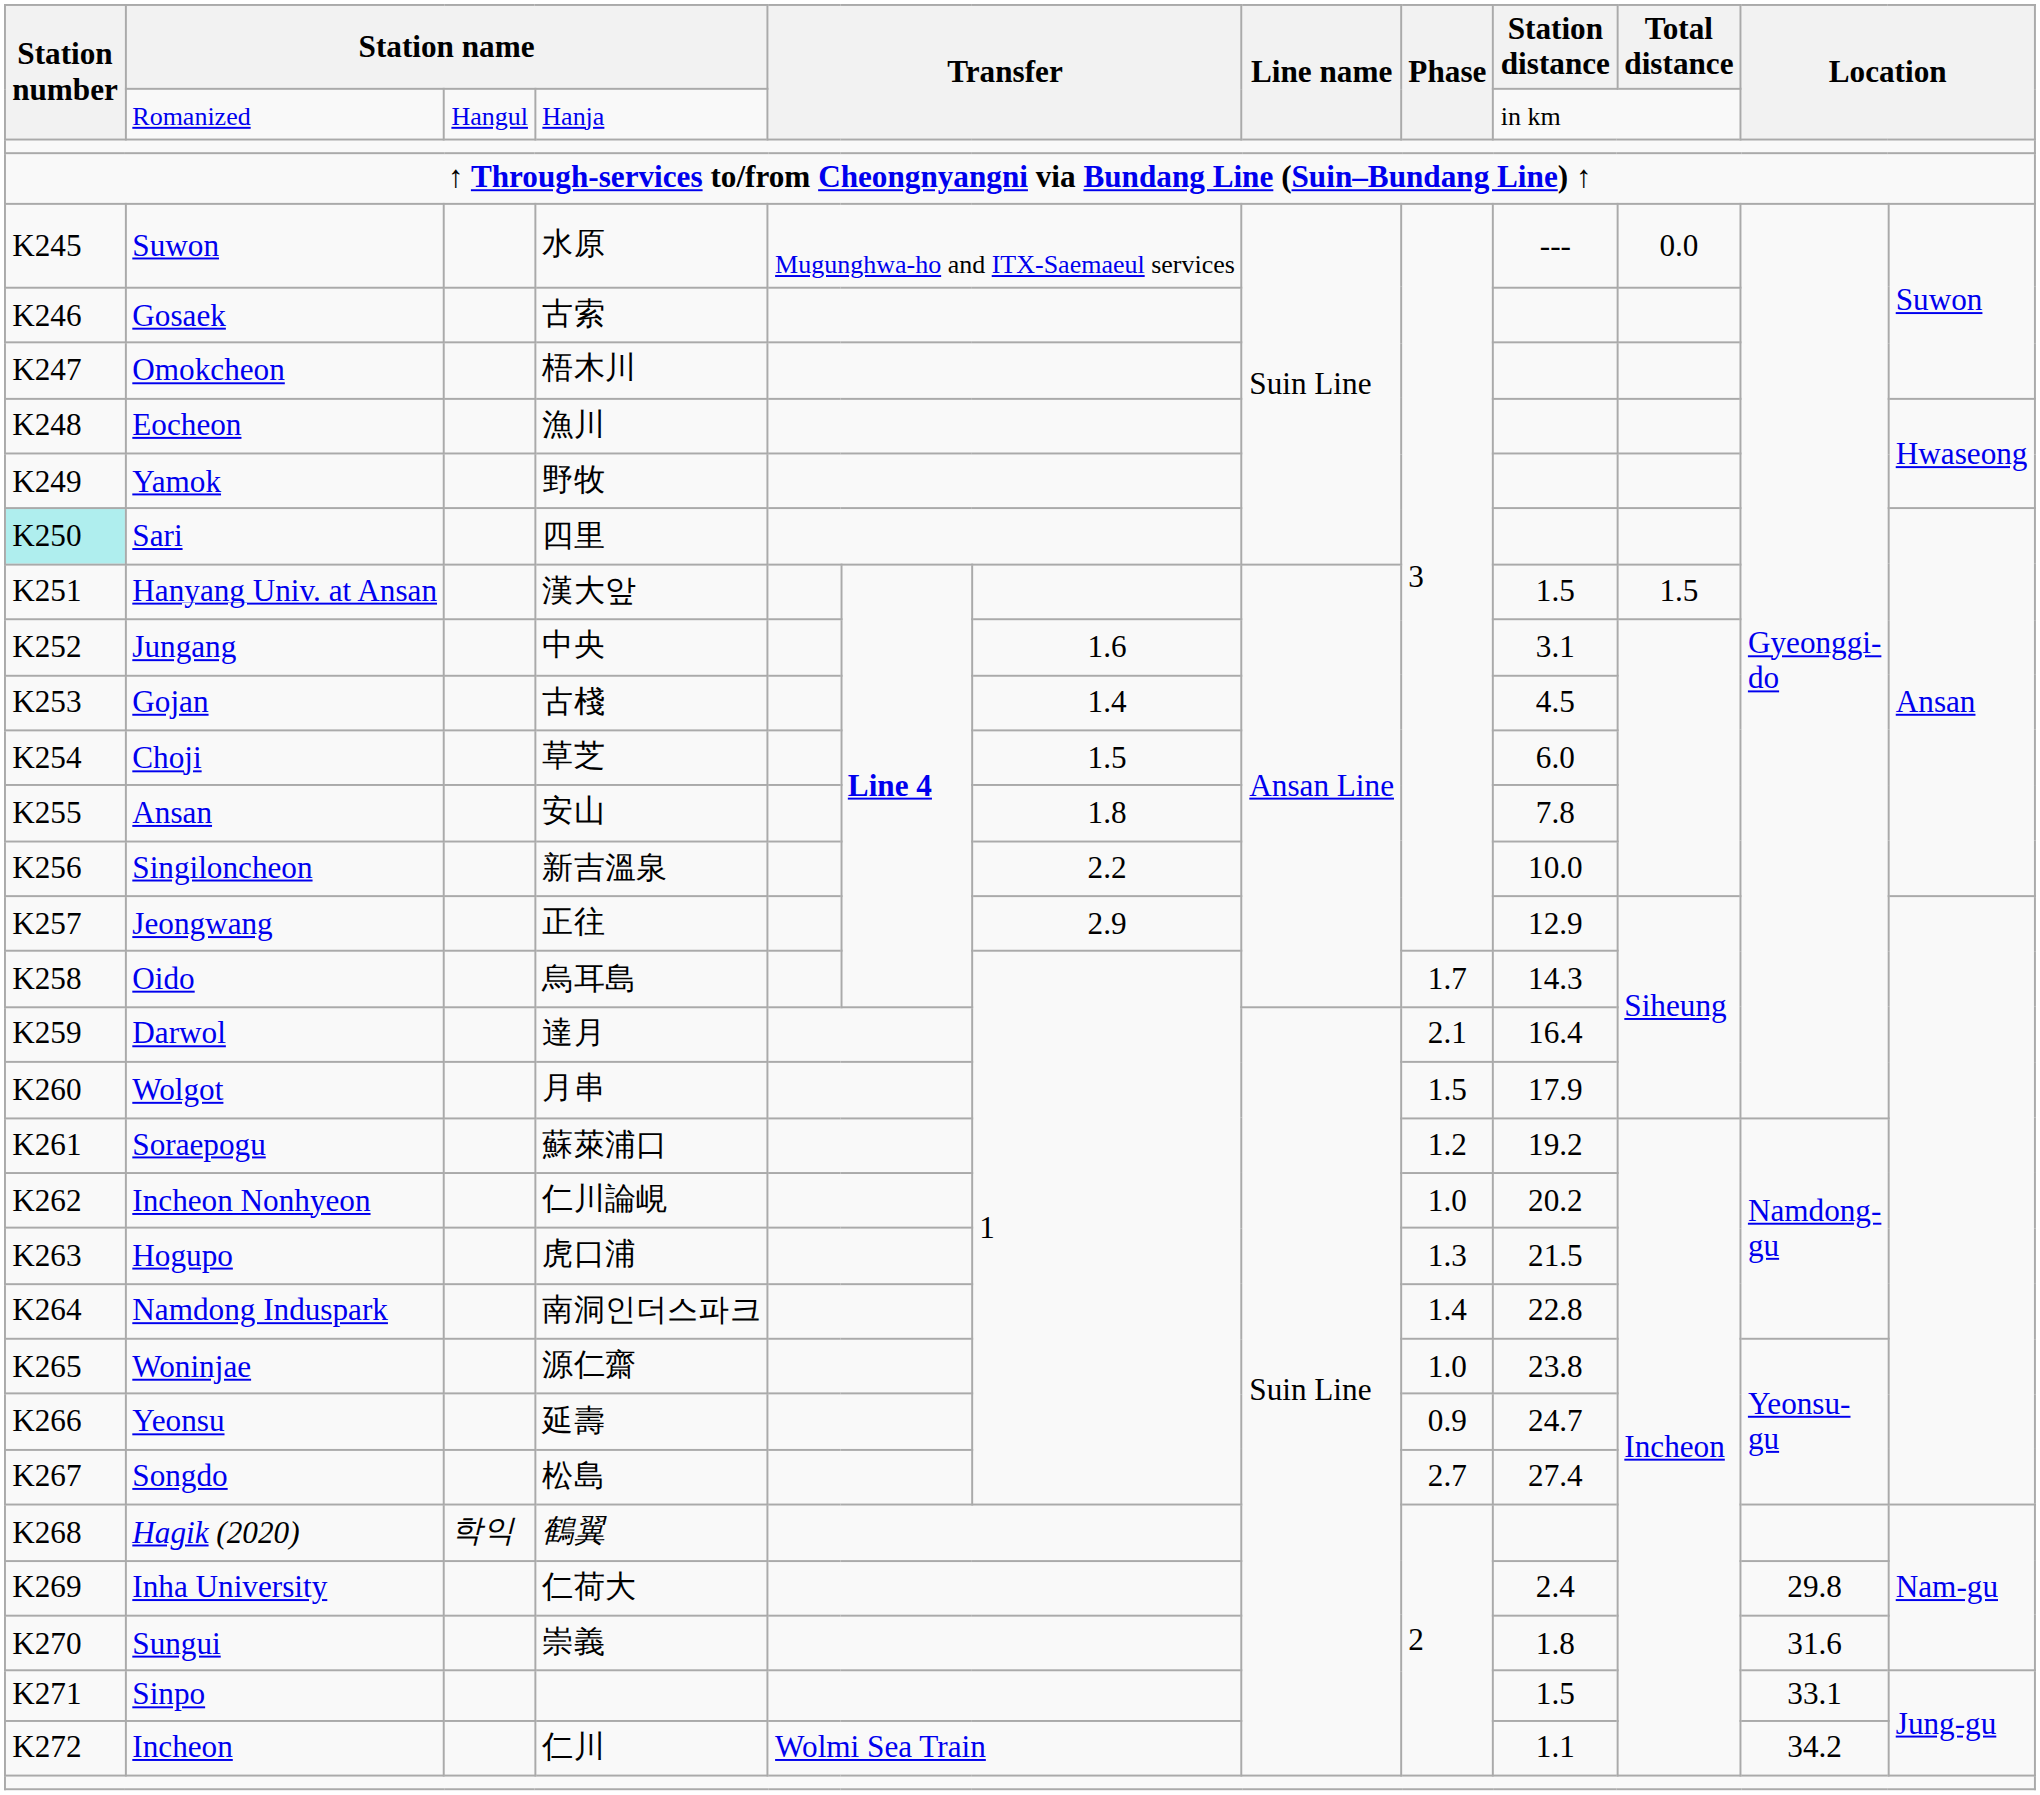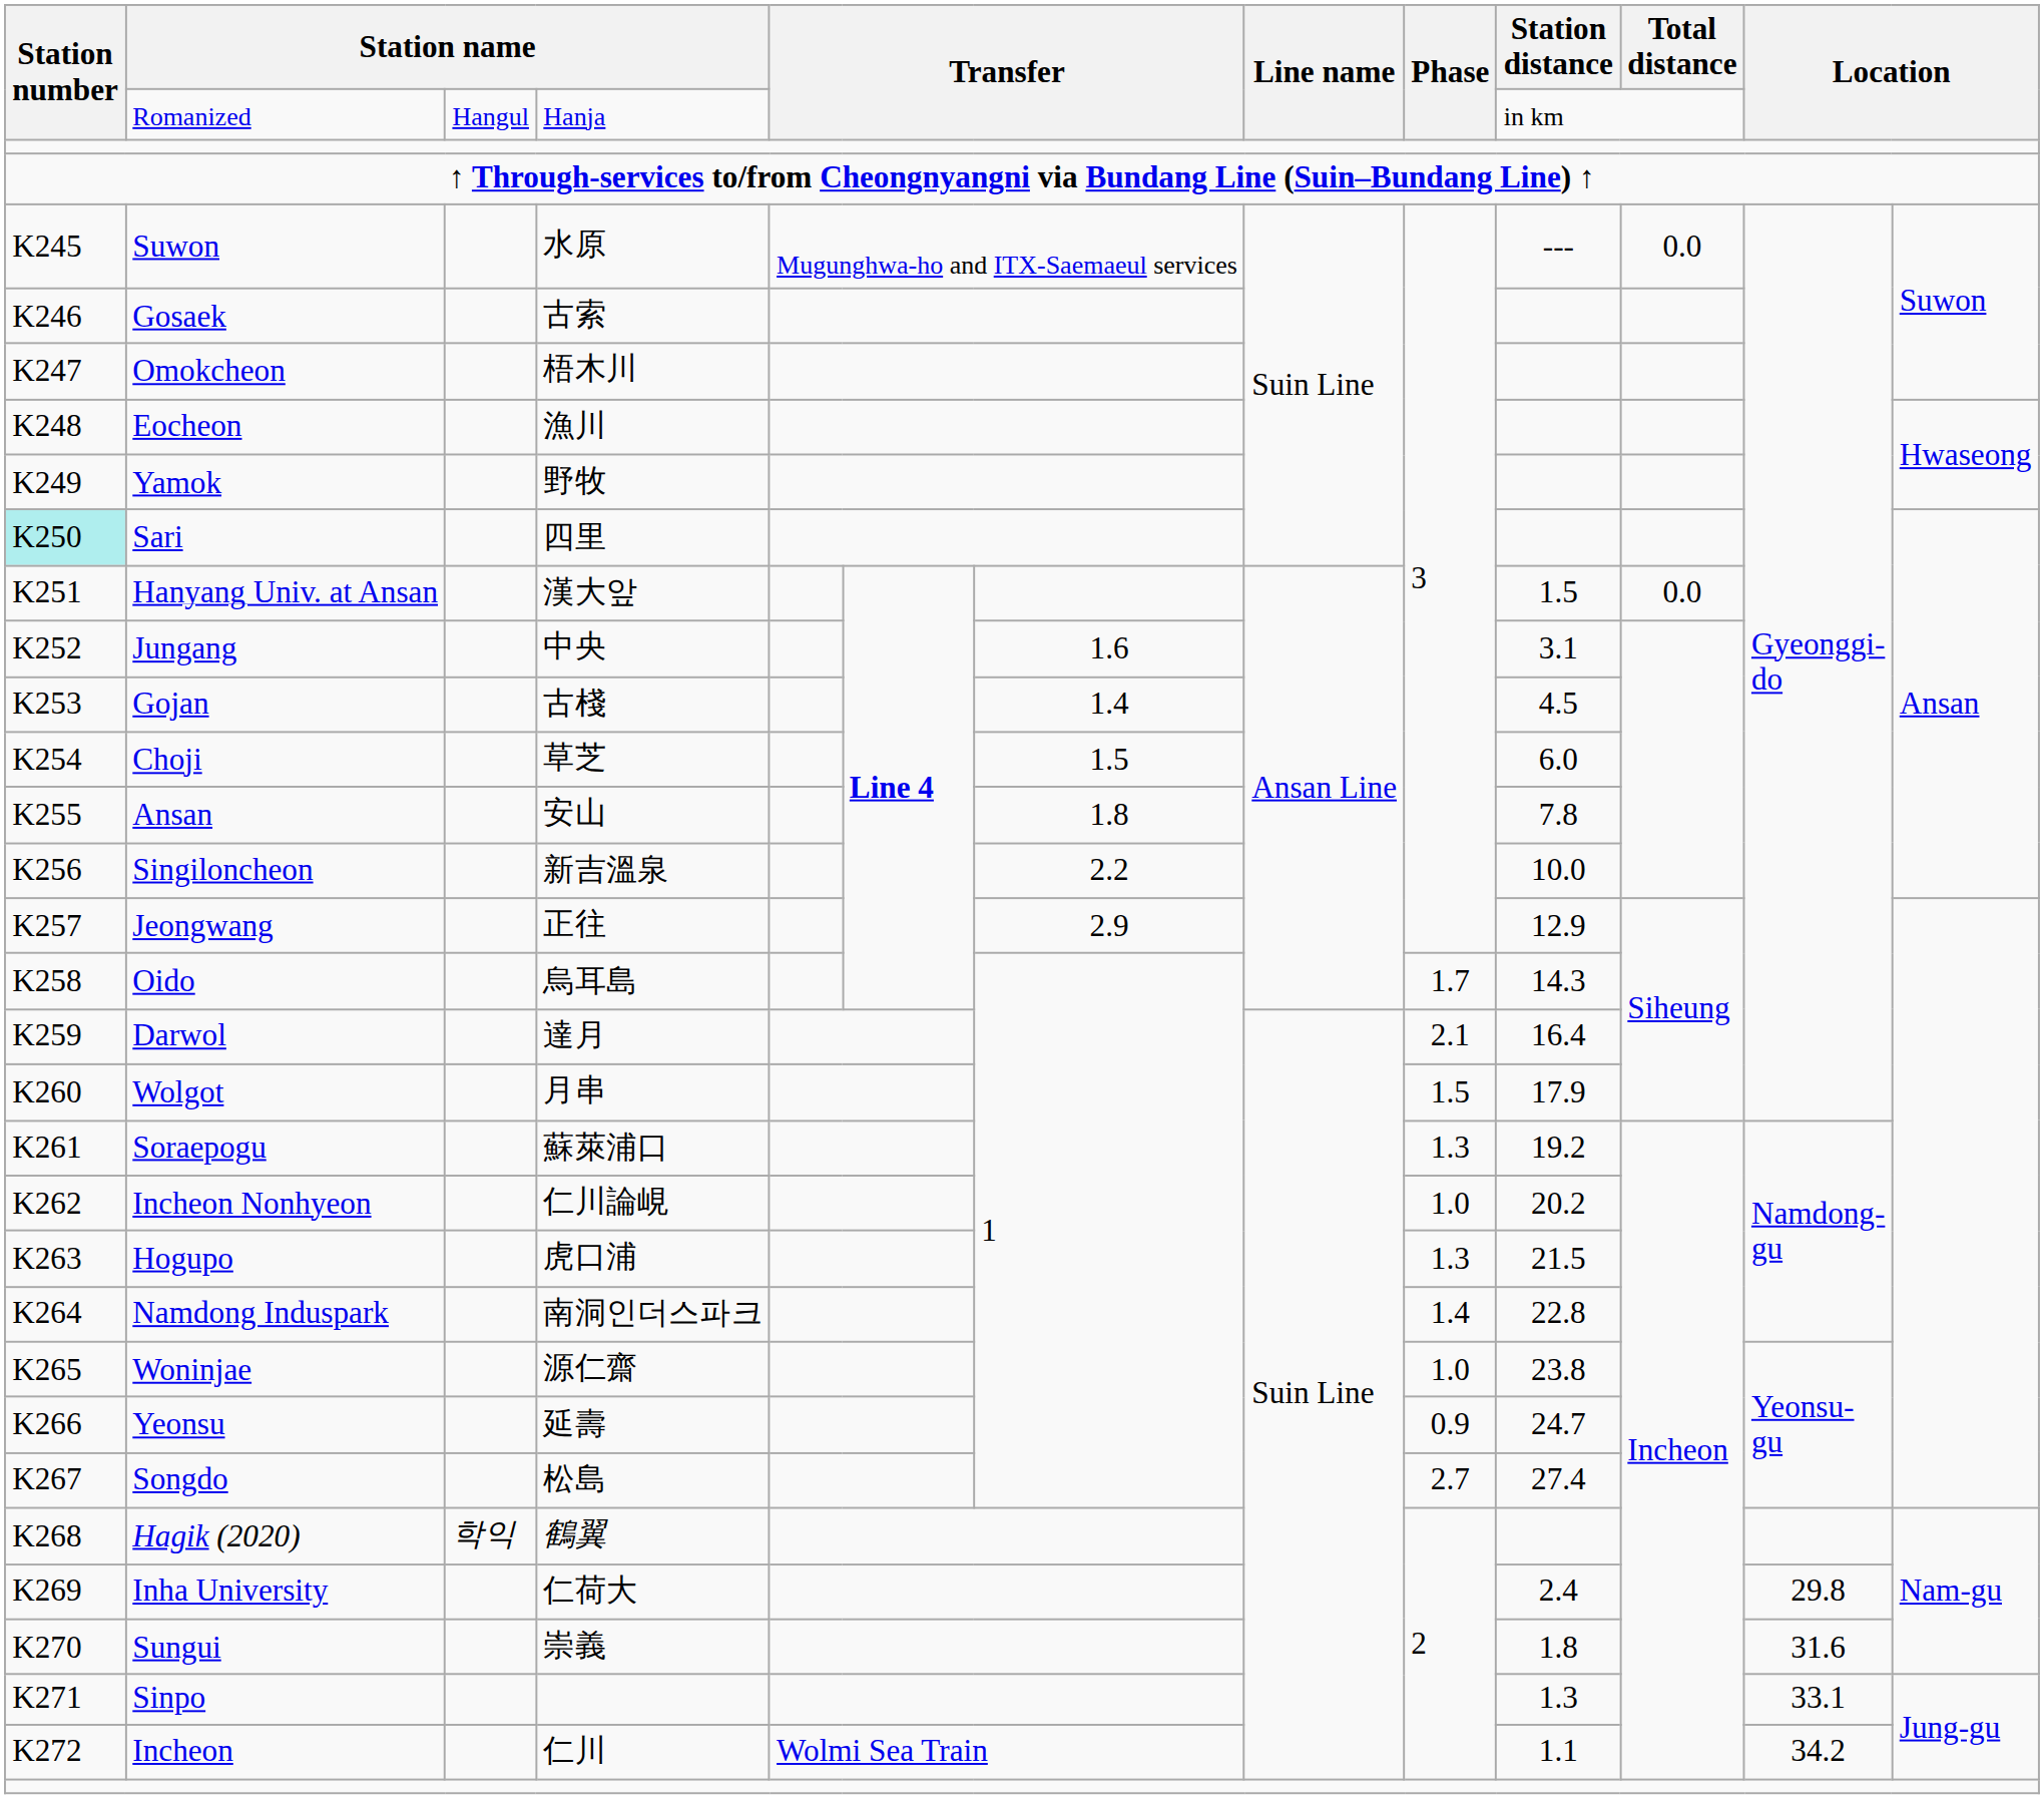 <table class="wikitable">
 <tr>
 <th rowspan="2">Station<br>number</th>
 <th colspan="3">Station name</th>
 <th colspan="3" rowspan="2">Transfer</th>
 <th rowspan="2">Line name</th>
 <th rowspan="2">Phase</th>
 <th>Station<br>distance</th>
 <th>Total<br>distance</th>
 <th colspan="2" rowspan="2">Location</th>
 </tr>
 <tr>
 <td><small><a href='#'>Romanized</a></small></td>
 <td><small><a href='#'>Hangul</a></small></td>
 <td><small><a href='#'>Hanja</a></small></td>
 <td colspan="2"><small>in km</small></td>
 </tr>
 <tr style="background:#">
 <td colspan = "13"></td>
 </tr>
 <tr>
 <td colspan="13" align="center"><strong>↑ <a href='#'>Through-services</a> to/from <a href='#'>Cheongnyangni</a> via <a href='#'>Bundang Line</a> (<a href='#'>Suin–Bundang Line</a>) ↑</strong></td>
 </tr>
 <tr>
 <td>K245</td>
 <td><a href='#'>Suwon</a></td>
 <td></td>
 <td>水原</td>
 <td colspan="3"><br> <small><a href='#'>Mugunghwa-ho</a> and <a href='#'>ITX-Saemaeul</a> services</small><br></td>
 <td rowspan="6">Suin Line</td>
 <td rowspan="13">3</td>
 <td align=center>---</td>
 <td align=center>0.0</td>
 <td rowspan="16" style="width:1.2em;"><a href='#'>Gyeonggi-do</a></td>
 <td rowspan="3"><a href='#'>Suwon</a></td>
 </tr>
 <tr>
 <td>K246</td>
 <td><a href='#'>Gosaek</a></td>
 <td></td>
 <td>古索</td>
 <td colspan="3"></td>
 <td></td>
 <td></td>
 </tr>
 <tr>
 <td>K247</td>
 <td><a href='#'>Omokcheon</a></td>
 <td></td>
 <td>梧木川</td>
 <td colspan="3"></td>
 <td></td>
 <td></td>
 </tr>
 <tr>
 <td>K248</td>
 <td><a href='#'>Eocheon</a></td>
 <td></td>
 <td>漁川</td>
 <td colspan="3"></td>
 <td></td>
 <td></td>
 <td rowspan="2"><a href='#'>Hwaseong</a></td>
 </tr>
 <tr>
 <td>K249</td>
 <td><a href='#'>Yamok</a></td>
 <td></td>
 <td>野牧</td>
 <td colspan="3"></td>
 <td></td>
 <td></td>
 </tr>
 <tr>
 <td style="background: paleturquoise;">K250</td>
 <td><a href='#'>Sari</a></td>
 <td></td>
 <td>四里</td>
 <td colspan="3"></td>
 <td></td>
 <td></td>
 <td rowspan="7"><a href='#'>Ansan</a></td>
 </tr>
 <tr>
 <td>K251</td>
 <td><a href='#'>Hanyang Univ. at Ansan</a></td>
 <td></td>
 <td>漢大앞</td>
 <td style="color:white;background-color:#"></td>
 <td rowspan="8" style="width:60px;"><strong><a href='#'>Line 4</a></strong><br></td>
 <td></td>
 <td rowspan="8"><a href='#'>Ansan Line</a></td>
 <td align=center>1.5</td>
-<td align=center>1.5</td>
+<td align=center>0.0</td>
 </tr>
 <tr>
 <td>K252</td>
 <td><a href='#'>Jungang</a></td>
 <td></td>
 <td>中央</td>
 <td></td>
 <td align=center>1.6</td>
 <td align=center>3.1</td>
 </tr>
 <tr>
 <td>K253</td>
 <td><a href='#'>Gojan</a></td>
 <td></td>
 <td>古棧</td>
 <td></td>
 <td align=center>1.4</td>
 <td align=center>4.5</td>
 </tr>
 <tr>
 <td>K254</td>
 <td><a href='#'>Choji</a></td>
 <td></td>
 <td>草芝</td>
 <td></td>
 <td align=center>1.5</td>
 <td align=center>6.0</td>
 </tr>
 <tr>
 <td>K255</td>
 <td><a href='#'>Ansan</a></td>
 <td></td>
 <td>安山</td>
 <td></td>
 <td align=center>1.8</td>
 <td align=center>7.8</td>
 </tr>
 <tr>
 <td>K256</td>
 <td><a href='#'>Singiloncheon</a></td>
 <td></td>
 <td>新吉溫泉</td>
 <td></td>
 <td align=center>2.2</td>
 <td align=center>10.0</td>
 </tr>
 <tr>
 <td>K257</td>
 <td><a href='#'>Jeongwang</a></td>
 <td></td>
 <td>正往</td>
 <td></td>
 <td align=center>2.9</td>
 <td align=center>12.9</td>
 <td rowspan="4"><a href='#'>Siheung</a></td>
 </tr>
 <tr>
 <td>K258</td>
 <td><a href='#'>Oido</a></td>
 <td></td>
 <td>烏耳島</td>
 <td></td>
 <td rowspan="10">1</td>
 <td align=center>1.7</td>
 <td align=center>14.3</td>
 </tr>
 <tr>
 <td>K259</td>
 <td><a href='#'>Darwol</a></td>
 <td></td>
 <td>達月</td>
 <td colspan="3"></td>
 <td rowspan="14">Suin Line</td>
 <td align=center>2.1</td>
 <td align=center>16.4</td>
 </tr>
 <tr>
 <td>K260</td>
 <td><a href='#'>Wolgot</a></td>
 <td></td>
 <td>月串</td>
 <td colspan="3"></td>
 <td align=center>1.5</td>
 <td align=center>17.9</td>
 </tr>
 <tr>
 <td>K261</td>
 <td><a href='#'>Soraepogu</a></td>
 <td></td>
 <td>蘇萊浦口</td>
 <td colspan="3"></td>
-<td align=center>1.2</td>
+<td align=center>1.3</td>
 <td align=center>19.2</td>
 <td rowspan="12" style="width:1.2em;"><a href='#'>Incheon</a></td>
 <td rowspan="4"><a href='#'>Namdong-gu</a></td>
 </tr>
 <tr>
 <td>K262</td>
 <td><a href='#'>Incheon Nonhyeon</a></td>
 <td></td>
 <td>仁川論峴</td>
 <td colspan="3"></td>
 <td align=center>1.0</td>
 <td align=center>20.2</td>
 </tr>
 <tr>
 <td>K263</td>
 <td><a href='#'>Hogupo</a></td>
 <td></td>
 <td>虎口浦</td>
 <td colspan="3"></td>
 <td align=center>1.3</td>
 <td align=center>21.5</td>
 </tr>
 <tr>
 <td>K264</td>
 <td><a href='#'>Namdong Induspark</a></td>
 <td></td>
 <td>南洞인더스파크</td>
 <td colspan="3"></td>
 <td align=center>1.4</td>
 <td align=center>22.8</td>
 </tr>
 <tr>
 <td>K265</td>
 <td><a href='#'>Woninjae</a></td>
 <td></td>
 <td>源仁齋</td>
 <td colspan="3"></td>
 <td align=center>1.0</td>
 <td align=center>23.8</td>
 <td rowspan="3"><a href='#'>Yeonsu-gu</a></td>
 </tr>
 <tr>
 <td>K266</td>
 <td><a href='#'>Yeonsu</a></td>
 <td></td>
 <td>延壽</td>
 <td colspan="3"></td>
 <td align=center>0.9</td>
 <td align=center>24.7</td>
 </tr>
 <tr>
 <td>K267</td>
 <td><a href='#'>Songdo</a></td>
 <td></td>
 <td>松島</td>
 <td colspan="3"></td>
 <td align=center>2.7</td>
 <td align=center>27.4</td>
 </tr>
 <tr>
 <td>K268</td>
 <td><em><a href='#'>Hagik</a></em> <em>(2020)</em></td>
 <td><em>학익</em></td>
 <td><em>鶴翼</em></td>
 <td colspan="3"></td>
 <td rowspan="5">2</td>
 <td></td>
 <td></td>
 <td rowspan="3"><a href='#'>Nam-gu</a></td>
 </tr>
 <tr>
 <td>K269</td>
 <td><a href='#'>Inha University</a></td>
 <td></td>
 <td>仁荷大</td>
 <td colspan="3"></td>
 <td align=center>2.4</td>
 <td align=center>29.8</td>
 </tr>
 <tr>
 <td>K270</td>
 <td><a href='#'>Sungui</a></td>
 <td></td>
 <td>崇義</td>
 <td colspan="3"></td>
 <td align=center>1.8</td>
 <td align=center>31.6</td>
 </tr>
 <tr>
 <td>K271</td>
 <td><a href='#'>Sinpo</a></td>
 <td></td>
 <td></td>
 <td colspan="3"></td>
-<td align=center>1.5</td>
+<td align=center>1.3</td>
 <td align=center>33.1</td>
 <td rowspan="2"><a href='#'>Jung-gu</a></td>
 </tr>
 <tr>
 <td>K272</td>
 <td><a href='#'>Incheon</a></td>
 <td></td>
 <td>仁川</td>
 <td colspan="3"> <a href='#'>Wolmi Sea Train</a></td>
 <td align=center>1.1</td>
 <td align=center>34.2</td>
 </tr>
 <tr style="background:#">
 <td colspan="13"></td>
 </tr>
 </table>
